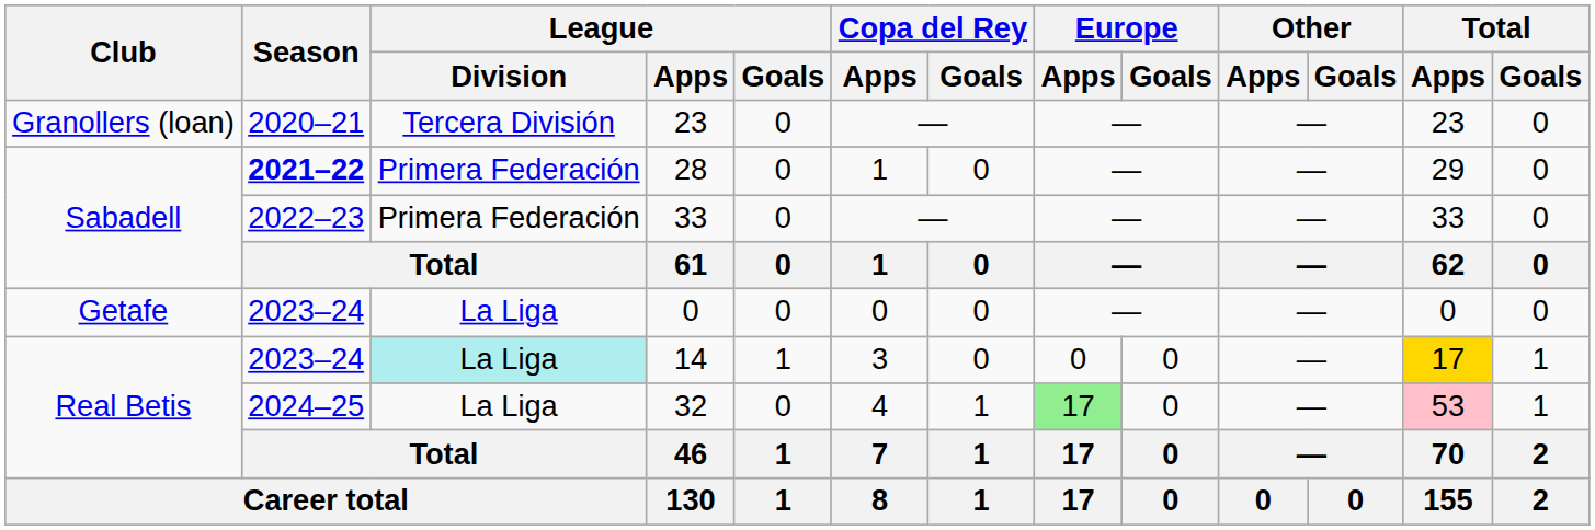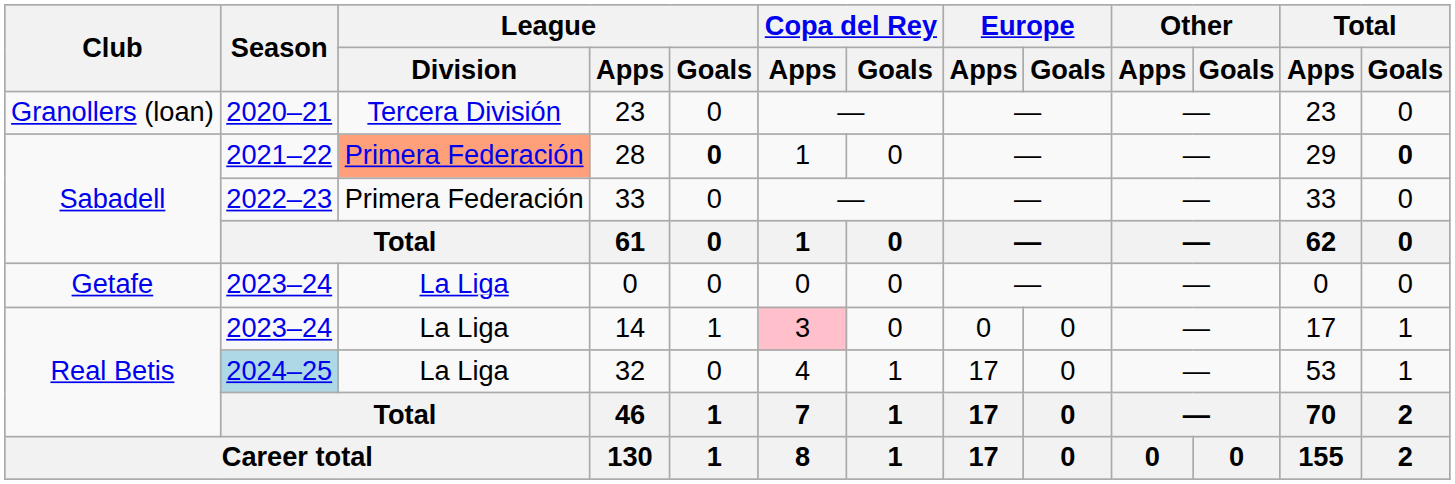 <table class="wikitable" style="text-align:center">
 <tr>
 <th rowspan="2">Club</th>
 <th rowspan="2">Season</th>
 <th colspan="3">League</th>
 <th colspan="2"><a href='#'>Copa del Rey</a></th>
 <th colspan="2"><a href='#'>Europe</a></th>
 <th colspan="2">Other</th>
 <th colspan="2">Total</th>
 </tr>
 <tr>
 <th>Division</th>
 <th>Apps</th>
 <th>Goals</th>
 <th>Apps</th>
 <th>Goals</th>
 <th>Apps</th>
 <th>Goals</th>
 <th>Apps</th>
 <th>Goals</th>
 <th>Apps</th>
 <th>Goals</th>
 </tr>
 <tr>
 <td><a href='#'>Granollers</a> (loan)</td>
 <td><a href='#'>2020–21</a></td>
 <td><a href='#'>Tercera División</a></td>
 <td>23</td>
 <td>0</td>
 <td colspan="2">—</td>
 <td colspan="2">—</td>
 <td colspan="2">—</td>
 <td>23</td>
 <td>0</td>
 </tr>
 <tr>
 <td rowspan="3"><a href='#'>Sabadell</a></td>
-<td><strong><a href='#'>2021–22</a></strong></td>
-<td><a href='#'>Primera Federación</a></td>
+<td><a href='#'>2021–22</a></td>
+<td style="background: lightsalmon;"><a href='#'>Primera Federación</a></td>
 <td>28</td>
-<td>0</td>
+<td><strong>0</strong></td>
 <td>1</td>
 <td>0</td>
 <td colspan="2">—</td>
 <td colspan="2">—</td>
 <td>29</td>
-<td>0</td>
+<td><strong>0</strong></td>
 </tr>
 <tr>
 <td><a href='#'>2022–23</a></td>
 <td>Primera Federación</td>
 <td>33</td>
 <td>0</td>
 <td colspan="2">—</td>
 <td colspan="2">—</td>
 <td colspan="2">—</td>
 <td>33</td>
 <td>0</td>
 </tr>
 <tr>
 <th colspan="2">Total</th>
 <th>61</th>
 <th>0</th>
 <th>1</th>
 <th>0</th>
 <th colspan="2">—</th>
 <th colspan="2">—</th>
 <th>62</th>
 <th>0</th>
 </tr>
 <tr>
 <td><a href='#'>Getafe</a></td>
 <td><a href='#'>2023–24</a></td>
 <td><a href='#'>La Liga</a></td>
 <td>0</td>
 <td>0</td>
 <td>0</td>
 <td>0</td>
 <td colspan="2">—</td>
 <td colspan="2">—</td>
 <td>0</td>
 <td>0</td>
 </tr>
 <tr>
 <td rowspan="3"><a href='#'>Real Betis</a></td>
 <td><a href='#'>2023–24</a></td>
-<td style="background: paleturquoise;">La Liga</td>
+<td>La Liga</td>
 <td>14</td>
 <td>1</td>
-<td>3</td>
+<td style="background: pink;">3</td>
 <td>0</td>
 <td>0</td>
 <td>0</td>
 <td colspan="2">—</td>
-<td style="background: gold;">17</td>
+<td>17</td>
 <td>1</td>
 </tr>
 <tr>
-<td><a href='#'>2024–25</a></td>
+<td style="background: lightblue;"><a href='#'>2024–25</a></td>
 <td>La Liga</td>
 <td>32</td>
 <td>0</td>
 <td>4</td>
 <td>1</td>
-<td style="background: lightgreen;">17</td>
+<td>17</td>
 <td>0</td>
 <td colspan="2">—</td>
-<td style="background: pink;">53</td>
+<td>53</td>
 <td>1</td>
 </tr>
 <tr>
 <th colspan="2">Total</th>
 <th>46</th>
 <th>1</th>
 <th>7</th>
 <th>1</th>
 <th>17</th>
 <th>0</th>
 <th colspan="2">—</th>
 <th>70</th>
 <th>2</th>
 </tr>
 <tr>
 <th colspan="3">Career total</th>
 <th>130</th>
 <th>1</th>
 <th>8</th>
 <th>1</th>
 <th>17</th>
 <th>0</th>
 <th>0</th>
 <th>0</th>
 <th>155</th>
 <th>2</th>
 </tr>
 </table>
